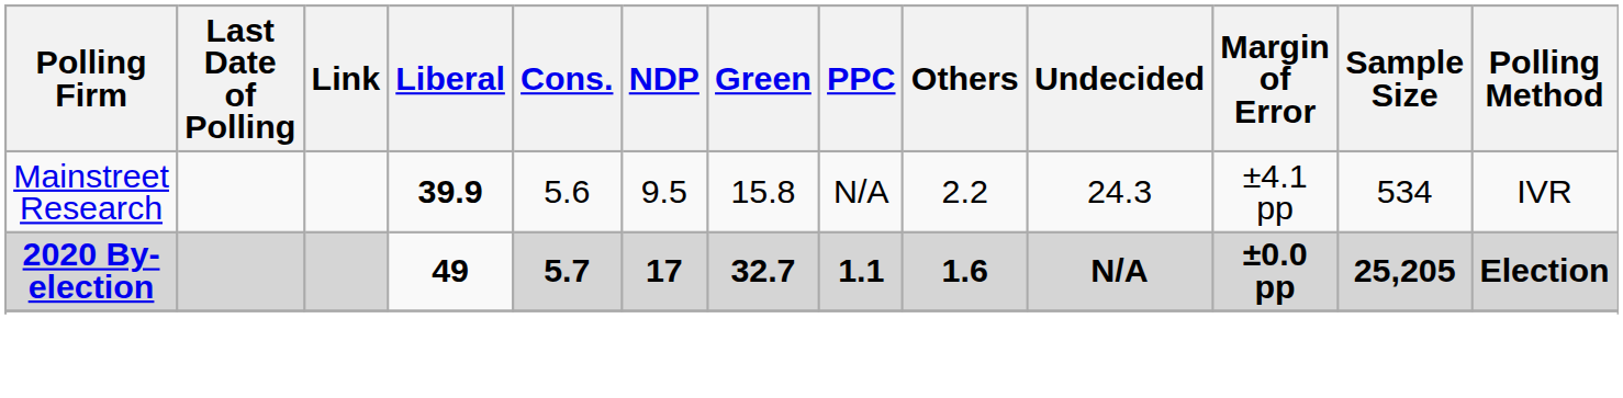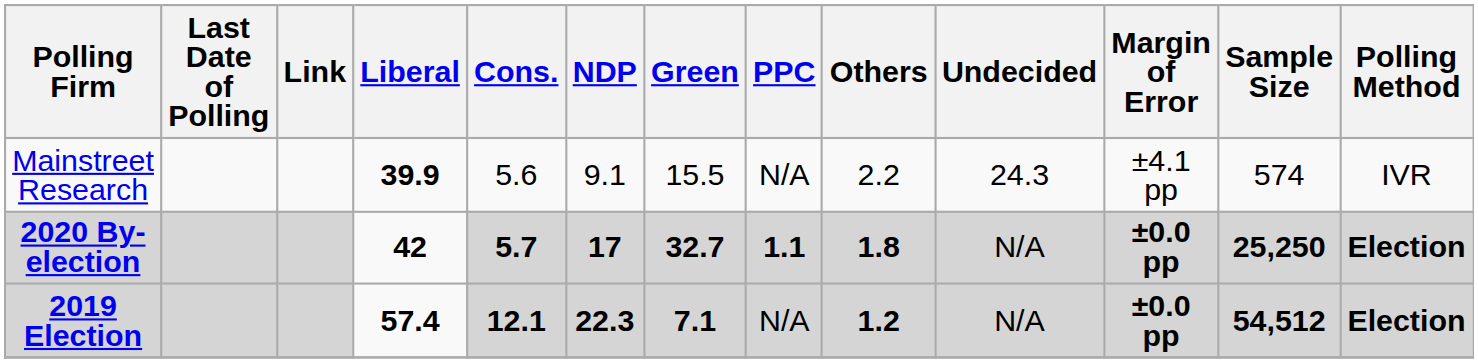 <table class="wikitable sortable" style="text-align:center;font-size:90%;line-height:14px;">
 <tr style="background:#e9e9e9;">
 <th style="width:120px">Polling Firm</th>
 <th style="width:110px">Last Date<br>of Polling</th>
 <th style="width:60px" class="unsortable">Link</th>
 <th style="background-color:"><a href='#'>Liberal</a></th>
 <th style="background-color:"><a href='#'>Cons.</a></th>
 <th style="background-color:"><a href='#'>NDP</a></th>
 <th style="background-color:"><a href='#'>Green</a></th>
 <th style="background-color:"><a href='#'><span>PPC</span></a></th>
 <th style="background-color:">Others</th>
 <th style="background-color:">Undecided</th>
 <th style="width:60px;" class=unsortable>Margin<br>of Error</th>
 <th style="width:50px;" class=unsortable>Sample<br>Size</th>
 <th class=unsortable>Polling Method</th>
 </tr>
 <tr>
 <td><a href='#'>Mainstreet Research</a></td>
 <td></td>
 <td></td>
 <td><strong>39.9</strong></td>
 <td>5.6</td>
-<td>9.5</td>
-<td>15.8</td>
+<td>9.1</td>
+<td>15.5</td>
 <td>N/A</td>
 <td>2.2</td>
 <td>24.3</td>
 <td>±4.1 pp</td>
-<td>534</td>
+<td>574</td>
 <td>IVR</td>
 </tr>
 <tr>
 <td style="background:#D5D5D5"><strong><a href='#'>2020 By-election</a></strong></td>
 <td style="background:#D5D5D5"><strong></strong></td>
 <td style="background:#D5D5D5"></td>
-<td><strong>49</strong></td>
+<td><strong>42</strong></td>
 <td style="background:#D5D5D5"><strong>5.7</strong></td>
 <td style="background:#D5D5D5"><strong>17</strong></td>
 <td style="background:#D5D5D5"><strong>32.7</strong></td>
 <td style="background:#D5D5D5"><strong>1.1</strong></td>
-<td style="background:#D5D5D5"><strong>1.6</strong></td>
-<td style="background:#D5D5D5"><strong>N/A</strong></td>
+<td style="background:#D5D5D5"><strong>1.8</strong></td>
+<td style="background:#D5D5D5">N/A</td>
 <td style="background:#D5D5D5"><strong>±0.0 pp</strong></td>
-<td style="background:#D5D5D5"><strong>25,205</strong></td>
+<td style="background:#D5D5D5"><strong>25,250</strong></td>
+<td style="background:#D5D5D5"><strong>Election</strong></td>
+</tr>
+<tr>
+<td style="background:#D5D5D5"><strong><a href='#'>2019 Election</a></strong></td>
+<td style="background:#D5D5D5"><strong></strong></td>
+<td style="background:#D5D5D5"></td>
+<td><strong>57.4</strong></td>
+<td style="background:#D5D5D5"><strong>12.1</strong></td>
+<td style="background:#D5D5D5"><strong>22.3</strong></td>
+<td style="background:#D5D5D5"><strong>7.1</strong></td>
+<td style="background:#D5D5D5">N/A</td>
+<td style="background:#D5D5D5"><strong>1.2</strong></td>
+<td style="background:#D5D5D5">N/A</td>
+<td style="background:#D5D5D5"><strong>±0.0 pp</strong></td>
+<td style="background:#D5D5D5"><strong>54,512</strong></td>
 <td style="background:#D5D5D5"><strong>Election</strong></td>
 </tr>
 <tr>
 </tr>
 <tr>
 </tr>
 </table>
